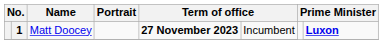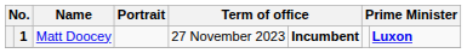 <table class="wikitable">
 <tr>
 <th colspan="2">No.</th>
 <th>Name</th>
 <th>Portrait</th>
 <th colspan="2">Term of office</th>
 <th colspan="2">Prime Minister</th>
 </tr>
 <tr>
 <th style="color:inherit;background:"></th>
 <th>1</th>
 <td><a href='#'>Matt Doocey</a></td>
 <td></td>
-<td><strong>27 November 2023</strong></td>
-<td>Incumbent</td>
+<td>27 November 2023</td>
+<td><strong>Incumbent</strong></td>
 <td rowspan="3" width="1" style="color:inherit;background:"></td>
 <td><strong><a href='#'>Luxon</a></strong></td>
 </tr>
 <tr>
 </tr>
 </table>
